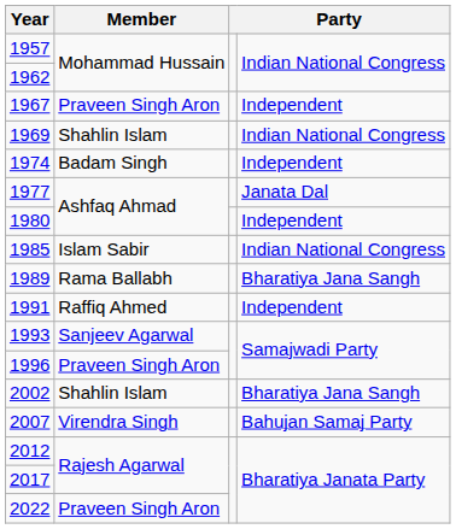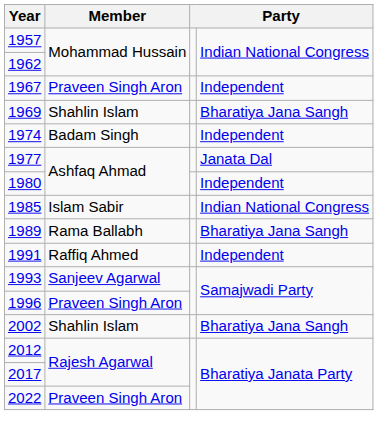 <table class="wikitable">
 <tr>
 <th>Year</th>
 <th>Member</th>
 <th colspan="2">Party</th>
 </tr>
 <tr>
 <td><a href='#'>1957</a></td>
 <td rowspan="2">Mohammad Hussain</td>
 <td rowspan="2" style="background-color: "></td>
 <td rowspan="2"><a href='#'>Indian National Congress</a></td>
 </tr>
 <tr>
 <td><a href='#'>1962</a></td>
 </tr>
 <tr>
 <td><a href='#'>1967</a></td>
 <td><a href='#'>Praveen Singh Aron</a></td>
 <td style="background-color: "></td>
 <td><a href='#'>Independent</a></td>
 </tr>
 <tr>
 <td><a href='#'>1969</a></td>
 <td>Shahlin Islam</td>
 <td style="background-color: "></td>
-<td><a href='#'>Indian National Congress</a></td>
+<td><a href='#'>Bharatiya Jana Sangh</a></td>
 </tr>
 <tr>
 <td><a href='#'>1974</a></td>
 <td>Badam Singh</td>
 <td style="background-color: "></td>
 <td><a href='#'>Independent</a></td>
 </tr>
 <tr>
 <td><a href='#'>1977</a></td>
 <td rowspan="2">Ashfaq Ahmad</td>
 <td style="background-color: "></td>
 <td><a href='#'>Janata Dal</a></td>
 </tr>
 <tr>
 <td><a href='#'>1980</a></td>
 <td style="background-color: "></td>
 <td><a href='#'>Independent</a></td>
 </tr>
 <tr>
 <td><a href='#'>1985</a></td>
 <td>Islam Sabir</td>
 <td style="background-color: "></td>
 <td><a href='#'>Indian National Congress</a></td>
 </tr>
 <tr>
 <td><a href='#'>1989</a></td>
 <td>Rama Ballabh</td>
 <td style="background-color: "></td>
 <td><a href='#'>Bharatiya Jana Sangh</a></td>
 </tr>
 <tr>
 <td><a href='#'>1991</a></td>
 <td>Raffiq Ahmed</td>
 <td style="background-color: "></td>
 <td><a href='#'>Independent</a></td>
 </tr>
 <tr>
 <td><a href='#'>1993</a></td>
 <td><a href='#'>Sanjeev Agarwal</a></td>
 <td rowspan="2" style="background-color: "></td>
 <td rowspan="2"><a href='#'>Samajwadi Party</a></td>
 </tr>
 <tr>
 <td><a href='#'>1996</a></td>
 <td><a href='#'>Praveen Singh Aron</a></td>
 </tr>
 <tr>
 <td><a href='#'>2002</a></td>
 <td>Shahlin Islam</td>
 <td style="background-color: "></td>
 <td><a href='#'>Bharatiya Jana Sangh</a></td>
 </tr>
 <tr>
-<td><a href='#'>2007</a></td>
-<td><a href='#'>Virendra Singh</a></td>
-<td style="background-color: "></td>
-<td><a href='#'>Bahujan Samaj Party</a></td>
-</tr>
-<tr>
 <td><a href='#'>2012</a></td>
 <td rowspan="2"><a href='#'>Rajesh Agarwal</a></td>
 <td rowspan="3" style="background-color: "></td>
 <td rowspan="3"><a href='#'>Bharatiya Janata Party</a></td>
 </tr>
 <tr>
 <td><a href='#'>2017</a></td>
 </tr>
 <tr>
 <td><a href='#'>2022</a></td>
 <td><a href='#'>Praveen Singh Aron</a></td>
 </tr>
 </table>
